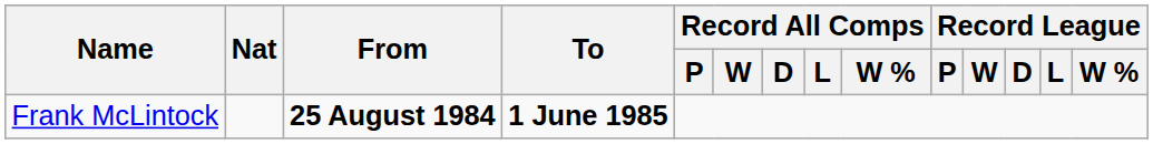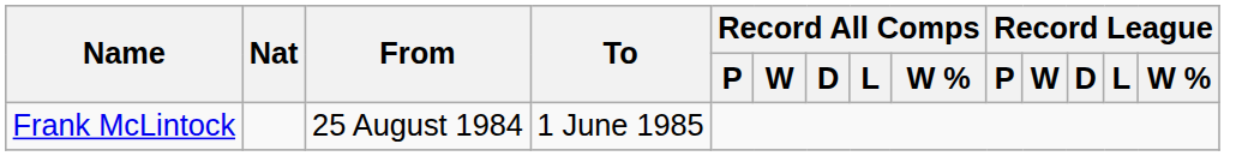 <table style="text-align: center" class="wikitable">
 <tr>
 <th rowspan="2">Name</th>
 <th rowspan="2">Nat</th>
 <th rowspan="2">From</th>
 <th rowspan="2">To</th>
 <th colspan="5">Record All Comps</th>
 <th colspan="5">Record League</th>
 </tr>
 <tr>
 <th>P</th>
 <th>W</th>
 <th>D</th>
 <th>L</th>
 <th>W %</th>
 <th>P</th>
 <th>W</th>
 <th>D</th>
 <th>L</th>
 <th>W %</th>
 </tr>
 <tr>
 <td style="text-align:left;"><a href='#'>Frank McLintock</a></td>
 <td></td>
-<td style="text-align:left;"><strong>25 August 1984</strong></td>
-<td style="text-align:left;"><strong>1 June 1985<br> </strong></td>
+<td style="text-align:left;">25 August 1984</td>
+<td style="text-align:left;">1 June 1985<br> </td>
 </tr>
 </table>
